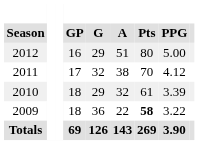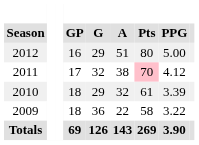 <table BORDER="0" CELLPADDING="3" CELLSPACING="0">
 <tr ALIGN="center" bgcolor="#e0e0e0">
 <th colspan="1" bgcolor="#ffffff"> </th>
 <th rowspan="99" bgcolor="#ffffff"> </th>
 <th rowspan="99" bgcolor="#ffffff"> </th>
 </tr>
 <tr ALIGN="center" bgcolor="#e0e0e0">
 <th>Season</th>
 <th>GP</th>
 <th>G</th>
 <th>A</th>
 <th>Pts</th>
 <th>PPG</th>
 <th></th>
 </tr>
 <tr ALIGN="center" bgcolor="#f0f0f0">
 <td>2012</td>
 <td>16</td>
 <td>29</td>
 <td>51</td>
 <td>80</td>
 <td>5.00</td>
 <td></td>
 </tr>
 <tr ALIGN="center">
 <td>2011</td>
 <td>17</td>
 <td>32</td>
 <td>38</td>
-<td>70</td>
+<td style="background: pink;">70</td>
 <td>4.12</td>
 <td></td>
 </tr>
 <tr ALIGN="center" bgcolor="#f0f0f0">
 <td>2010</td>
 <td>18</td>
 <td>29</td>
 <td>32</td>
 <td>61</td>
 <td>3.39</td>
 <td></td>
 </tr>
 <tr ALIGN="center">
 <td>2009</td>
 <td>18</td>
 <td>36</td>
 <td>22</td>
-<td><strong>58</strong></td>
+<td>58</td>
 <td>3.22</td>
 <td></td>
 </tr>
 <tr ALIGN="center" bgcolor="#e0e0e0">
 <th colspan="1.5">Totals</th>
 <th>69</th>
 <th>126</th>
 <th>143</th>
 <th>269</th>
 <th>3.90</th>
 <th></th>
 </tr>
 </table>
